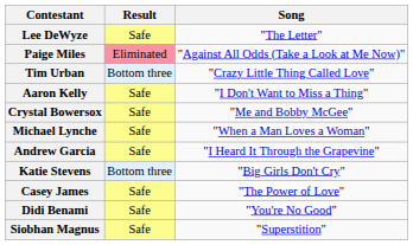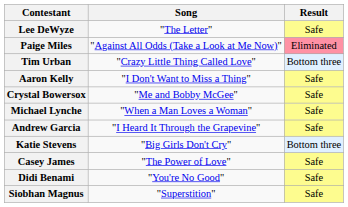 <table class="wikitable unsortable" style="text-align:center;">
 <tr>
 <th scope="col">Contestant</th>
+<th scope="col">Song</th>
 <th scope="col">Result</th>
-<th scope="col">Song</th>
 </tr>
 <tr>
 <th scope="row">Lee DeWyze</th>
+<td>"<a href='#'>The Letter</a>"</td>
 <td style="background:#FDFC8F">Safe</td>
-<td>"<a href='#'>The Letter</a>"</td>
 </tr>
 <tr>
 <th scope="row">Paige Miles</th>
+<td>"<a href='#'>Against All Odds (Take a Look at Me Now)</a>"</td>
 <td bgcolor="FF91A4">Eliminated</td>
-<td>"<a href='#'>Against All Odds (Take a Look at Me Now)</a>"</td>
 </tr>
 <tr>
 <th scope="row">Tim Urban</th>
+<td>"<a href='#'>Crazy Little Thing Called Love</a>"</td>
 <td bgcolor="E0F0FF">Bottom three</td>
-<td>"<a href='#'>Crazy Little Thing Called Love</a>"</td>
 </tr>
 <tr>
 <th scope="row">Aaron Kelly</th>
+<td>"<a href='#'>I Don't Want to Miss a Thing</a>"</td>
 <td style="background:#FDFC8F">Safe</td>
-<td>"<a href='#'>I Don't Want to Miss a Thing</a>"</td>
 </tr>
 <tr>
 <th scope="row">Crystal Bowersox</th>
+<td>"<a href='#'>Me and Bobby McGee</a>"</td>
 <td style="background:#FDFC8F">Safe</td>
-<td>"<a href='#'>Me and Bobby McGee</a>"</td>
 </tr>
 <tr>
 <th scope="row">Michael Lynche</th>
+<td>"<a href='#'>When a Man Loves a Woman</a>"</td>
 <td style="background:#FDFC8F">Safe</td>
-<td>"<a href='#'>When a Man Loves a Woman</a>"</td>
 </tr>
 <tr>
 <th scope="row">Andrew Garcia</th>
+<td>"<a href='#'>I Heard It Through the Grapevine</a>"</td>
 <td style="background:#FDFC8F">Safe</td>
-<td>"<a href='#'>I Heard It Through the Grapevine</a>"</td>
 </tr>
 <tr>
 <th scope="row">Katie Stevens</th>
+<td>"<a href='#'>Big Girls Don't Cry</a>"</td>
 <td bgcolor="E0F0FF">Bottom three</td>
-<td>"<a href='#'>Big Girls Don't Cry</a>"</td>
 </tr>
 <tr>
 <th scope="row">Casey James</th>
+<td>"<a href='#'>The Power of Love</a>"</td>
 <td style="background:#FDFC8F">Safe</td>
-<td>"<a href='#'>The Power of Love</a>"</td>
 </tr>
 <tr>
 <th scope="row">Didi Benami</th>
+<td>"<a href='#'>You're No Good</a>"</td>
 <td style="background:#FDFC8F">Safe</td>
-<td>"<a href='#'>You're No Good</a>"</td>
 </tr>
 <tr>
 <th scope="row">Siobhan Magnus</th>
+<td>"<a href='#'>Superstition</a>"</td>
 <td style="background:#FDFC8F">Safe</td>
-<td>"<a href='#'>Superstition</a>"</td>
 </tr>
 </table>
